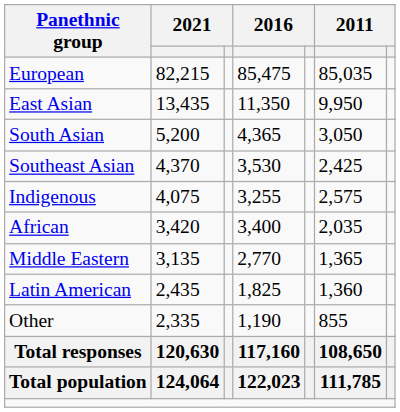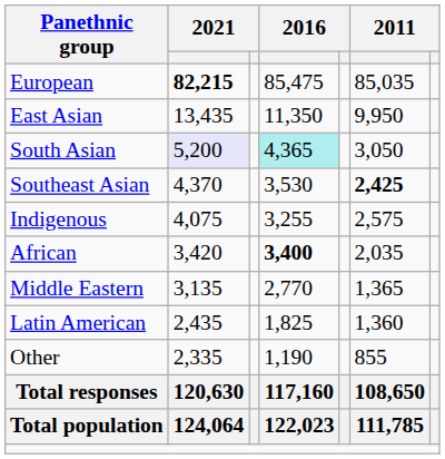 <table class="wikitable collapsible sortable">
 <tr>
 <th rowspan="2"><a href='#'>Panethnic</a><br>group</th>
 <th colspan="2">2021</th>
 <th colspan="2">2016</th>
 <th colspan="2">2011</th>
 </tr>
 <tr>
 <th><a href='#'></a></th>
 <th></th>
 <th></th>
 <th></th>
 <th></th>
 <th></th>
 </tr>
 <tr>
 <td><a href='#'>European</a></td>
-<td>82,215</td>
+<td><strong>82,215</strong></td>
 <td></td>
 <td>85,475</td>
 <td></td>
 <td>85,035</td>
 <td></td>
 </tr>
 <tr>
 <td><a href='#'>East Asian</a></td>
 <td>13,435</td>
 <td></td>
 <td>11,350</td>
 <td></td>
 <td>9,950</td>
 <td></td>
 </tr>
 <tr>
 <td><a href='#'>South Asian</a></td>
-<td>5,200</td>
+<td style="background: lavender;">5,200</td>
 <td></td>
-<td>4,365</td>
+<td style="background: paleturquoise;">4,365</td>
 <td></td>
 <td>3,050</td>
 <td></td>
 </tr>
 <tr>
 <td><a href='#'>Southeast Asian</a></td>
 <td>4,370</td>
 <td></td>
 <td>3,530</td>
 <td></td>
-<td>2,425</td>
+<td><strong>2,425</strong></td>
 <td></td>
 </tr>
 <tr>
 <td><a href='#'>Indigenous</a></td>
 <td>4,075</td>
 <td></td>
 <td>3,255</td>
 <td></td>
 <td>2,575</td>
 <td></td>
 </tr>
 <tr>
 <td><a href='#'>African</a></td>
 <td>3,420</td>
 <td></td>
-<td>3,400</td>
+<td><strong>3,400</strong></td>
 <td></td>
 <td>2,035</td>
 <td></td>
 </tr>
 <tr>
 <td><a href='#'>Middle Eastern</a></td>
 <td>3,135</td>
 <td></td>
 <td>2,770</td>
 <td></td>
 <td>1,365</td>
 <td></td>
 </tr>
 <tr>
 <td><a href='#'>Latin American</a></td>
 <td>2,435</td>
 <td></td>
 <td>1,825</td>
 <td></td>
 <td>1,360</td>
 <td></td>
 </tr>
 <tr>
 <td>Other</td>
 <td>2,335</td>
 <td></td>
 <td>1,190</td>
 <td></td>
 <td>855</td>
 <td></td>
 </tr>
 <tr>
 <th>Total responses</th>
 <th>120,630</th>
 <th></th>
 <th>117,160</th>
 <th></th>
 <th>108,650</th>
 <th></th>
 </tr>
 <tr>
 <th>Total population</th>
 <th>124,064</th>
 <th></th>
 <th>122,023</th>
 <th></th>
 <th>111,785</th>
 <th></th>
 </tr>
 <tr class="sortbottom">
 <td colspan="15"></td>
 </tr>
 </table>
